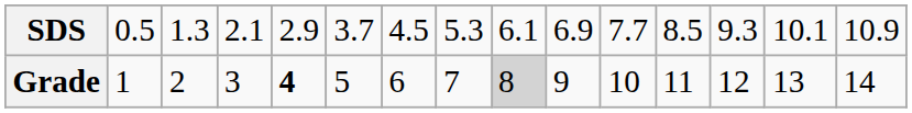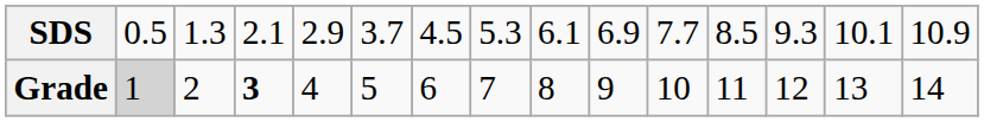 <table class="wikitable">
 <tr>
 <th>SDS</th>
 <td>0.5</td>
 <td>1.3</td>
 <td>2.1</td>
 <td>2.9</td>
 <td>3.7</td>
 <td>4.5</td>
 <td>5.3</td>
 <td>6.1</td>
 <td>6.9</td>
 <td>7.7</td>
 <td>8.5</td>
 <td>9.3</td>
 <td>10.1</td>
 <td>10.9</td>
 </tr>
 <tr>
 <th>Grade</th>
-<td>1</td>
+<td style="background: lightgrey;">1</td>
 <td>2</td>
-<td>3</td>
-<td><strong>4</strong></td>
+<td><strong>3</strong></td>
+<td>4</td>
 <td>5</td>
 <td>6</td>
 <td>7</td>
-<td style="background: lightgrey;">8</td>
+<td>8</td>
 <td>9</td>
 <td>10</td>
 <td>11</td>
 <td>12</td>
 <td>13</td>
 <td>14</td>
 </tr>
 </table>
